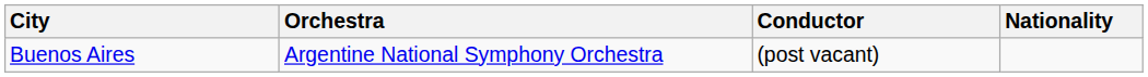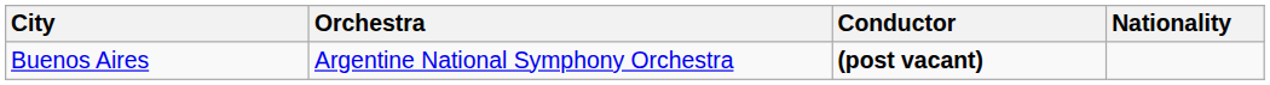 <table class="wikitable">
 <tr>
 <td style="width: 200px; background: #f2f2f2"><strong>City</strong></td>
 <td style="width: 350px; background: #f2f2f2"><strong>Orchestra</strong></td>
 <td style="width: 180px; background: #f2f2f2"><strong>Conductor</strong></td>
 <td style="width: 100px; background: #f2f2f2"><strong>Nationality</strong></td>
 </tr>
 <tr>
 <td><a href='#'>Buenos Aires</a></td>
 <td><a href='#'>Argentine National Symphony Orchestra</a></td>
-<td>(post vacant)</td>
+<td><strong>(post vacant)</strong></td>
 </tr>
 </table>
